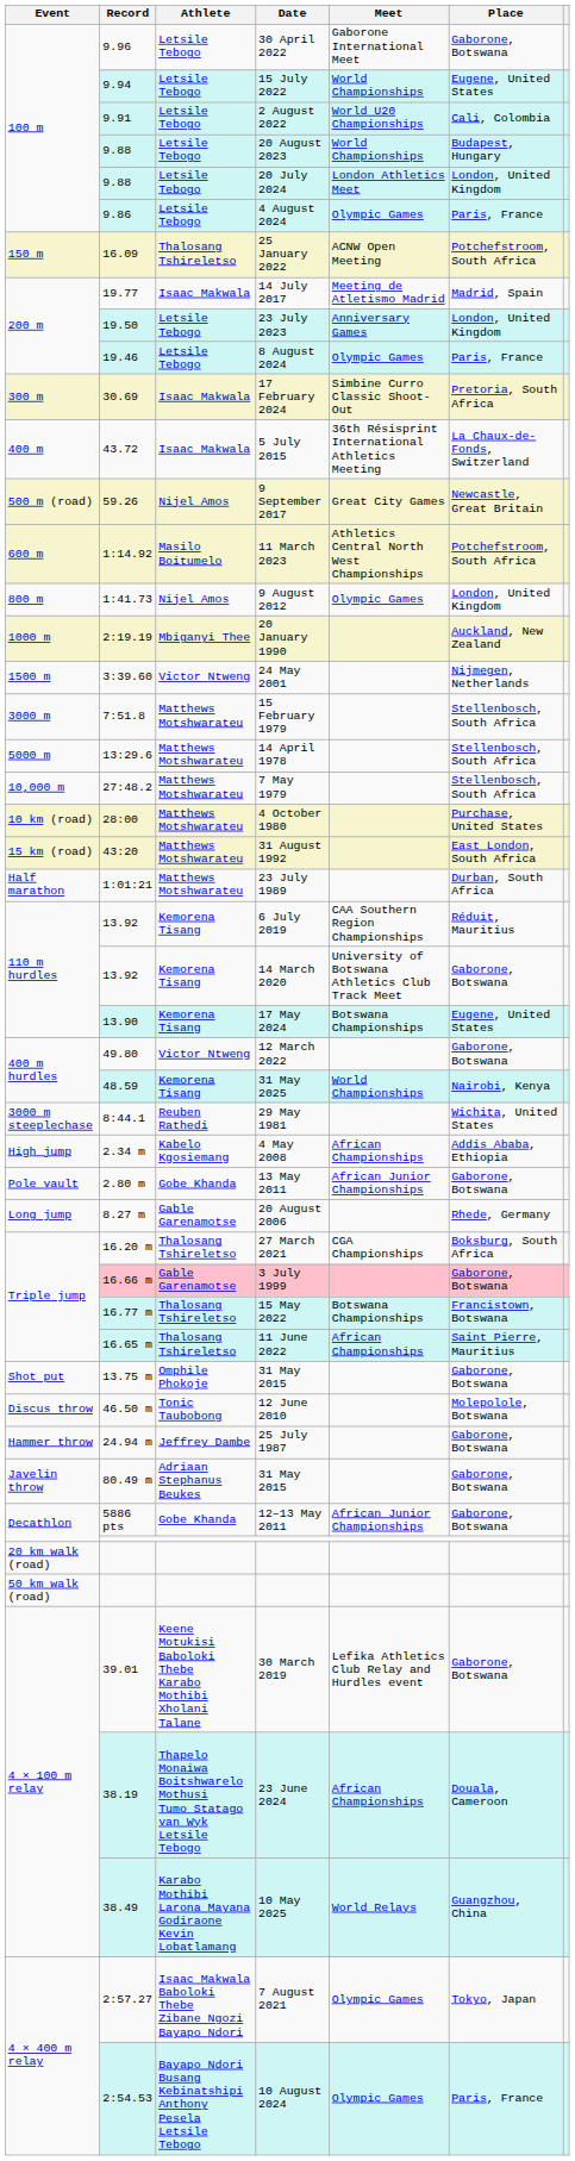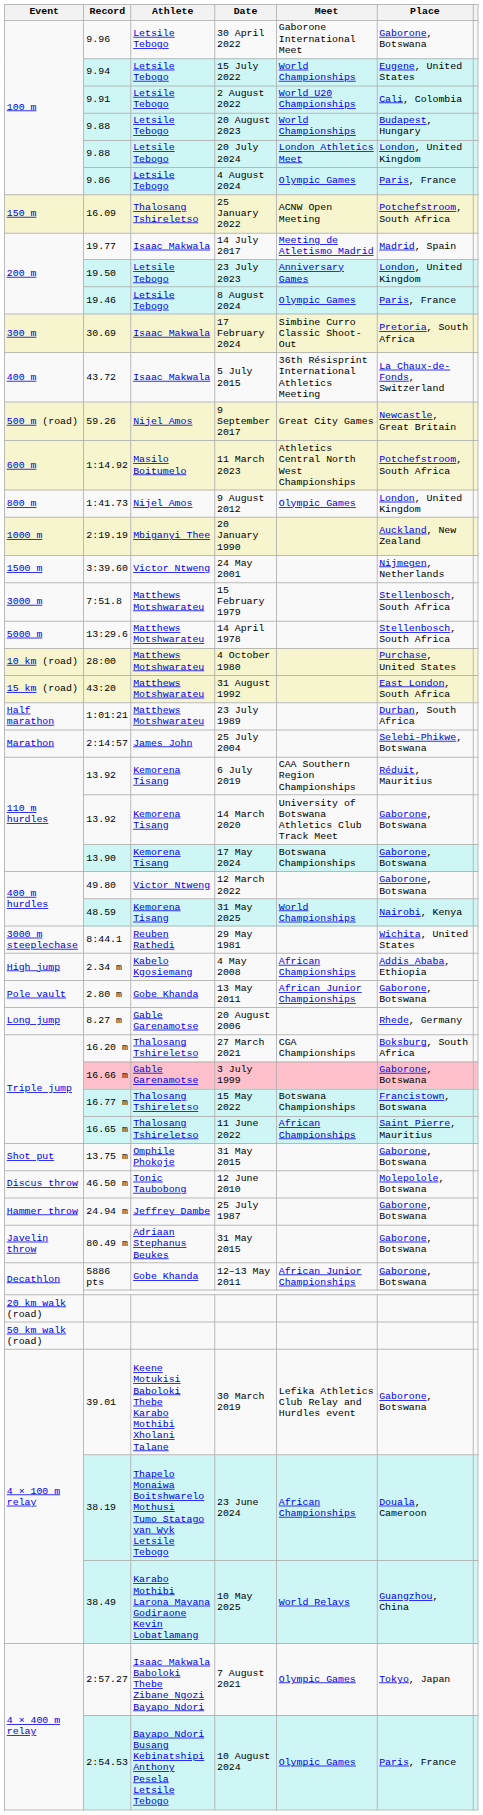 <table class="wikitable" style="font-size:95%; width: 95%;">
 <tr>
 <th>Event</th>
 <th>Record</th>
 <th>Athlete</th>
 <th>Date</th>
 <th>Meet</th>
 <th>Place</th>
 <th></th>
 </tr>
 <tr>
 <td rowspan="6"><a href='#'>100 m</a></td>
 <td>9.96  </td>
 <td><a href='#'>Letsile Tebogo</a></td>
 <td>30 April 2022</td>
 <td>Gaborone International Meet</td>
 <td><a href='#'>Gaborone</a>, Botswana</td>
 <td></td>
 </tr>
 <tr style="background:#CEF6F5">
 <td>9.94 </td>
 <td><a href='#'>Letsile Tebogo</a></td>
 <td>15 July 2022</td>
 <td><a href='#'>World Championships</a></td>
 <td><a href='#'>Eugene</a>, United States</td>
 <td></td>
 </tr>
 <tr style="background:#cef6f5;">
 <td>9.91 </td>
 <td><a href='#'>Letsile Tebogo</a></td>
 <td>2 August 2022</td>
 <td><a href='#'>World U20 Championships</a></td>
 <td><a href='#'>Cali</a>, Colombia</td>
 <td></td>
 </tr>
 <tr style="background:#cef6f5;">
 <td>9.88 </td>
 <td><a href='#'>Letsile Tebogo</a></td>
 <td>20 August 2023</td>
 <td><a href='#'>World Championships</a></td>
 <td><a href='#'>Budapest</a>, Hungary</td>
 <td></td>
 </tr>
 <tr bgcolor=#CEF6F5>
 <td>9.88 </td>
 <td><a href='#'>Letsile Tebogo</a></td>
 <td>20 July 2024</td>
 <td><a href='#'>London Athletics Meet</a></td>
 <td><a href='#'>London</a>, United Kingdom</td>
 <td></td>
 </tr>
 <tr bgcolor=#CEF6F5>
 <td>9.86 </td>
 <td><a href='#'>Letsile Tebogo</a></td>
 <td>4 August 2024</td>
 <td><a href='#'>Olympic Games</a></td>
 <td><a href='#'>Paris</a>, France</td>
 <td></td>
 </tr>
 <tr style="background:#f6F5CE;">
 <td><a href='#'>150 m</a></td>
 <td>16.09 </td>
 <td><a href='#'>Thalosang Tshireletso</a></td>
 <td>25 January 2022</td>
 <td>ACNW Open Meeting</td>
 <td><a href='#'>Potchefstroom</a>, South Africa</td>
 <td></td>
 </tr>
 <tr>
 <td rowspan="3"><a href='#'>200 m</a></td>
 <td>19.77 </td>
 <td><a href='#'>Isaac Makwala</a></td>
 <td>14 July 2017</td>
 <td><a href='#'>Meeting de Atletismo Madrid</a></td>
 <td><a href='#'>Madrid</a>, Spain</td>
 <td></td>
 </tr>
 <tr bgcolor="#CEF6F5">
 <td>19.50 </td>
 <td><a href='#'>Letsile Tebogo</a></td>
 <td>23 July 2023</td>
 <td><a href='#'>Anniversary Games</a></td>
 <td><a href='#'>London</a>, United Kingdom</td>
 <td></td>
 </tr>
 <tr bgcolor="#CEF6F5">
 <td>19.46 </td>
 <td><a href='#'>Letsile Tebogo</a></td>
 <td>8 August 2024</td>
 <td><a href='#'>Olympic Games</a></td>
 <td><a href='#'>Paris</a>, France</td>
 <td></td>
 </tr>
 <tr style="background:#f6F5CE;">
 <td><a href='#'>300 m</a></td>
 <td>30.69 </td>
 <td><a href='#'>Isaac Makwala</a></td>
 <td>17 February 2024</td>
 <td>Simbine Curro Classic Shoot-Out</td>
 <td><a href='#'>Pretoria</a>, South Africa</td>
 <td></td>
 </tr>
 <tr>
 <td><a href='#'>400 m</a></td>
 <td>43.72</td>
 <td><a href='#'>Isaac Makwala</a></td>
 <td>5 July 2015</td>
 <td>36th Résisprint International Athletics Meeting</td>
 <td><a href='#'>La Chaux-de-Fonds</a>, Switzerland</td>
 <td></td>
 </tr>
 <tr style="background:#f6F5CE;">
 <td><a href='#'>500 m</a> (road)</td>
 <td>59.26</td>
 <td><a href='#'>Nijel Amos</a></td>
 <td>9 September 2017</td>
 <td>Great City Games</td>
 <td><a href='#'>Newcastle</a>, Great Britain</td>
 <td></td>
 </tr>
 <tr style="background:#f6F5CE;">
 <td><a href='#'>600 m</a></td>
 <td>1:14.92</td>
 <td><a href='#'>Masilo Boitumelo</a></td>
 <td>11 March 2023</td>
 <td>Athletics Central North West Championships</td>
 <td><a href='#'>Potchefstroom</a>, South Africa</td>
 <td></td>
 </tr>
 <tr>
 <td><a href='#'>800 m</a></td>
 <td>1:41.73</td>
 <td><a href='#'>Nijel Amos</a></td>
 <td>9 August 2012</td>
 <td><a href='#'>Olympic Games</a></td>
 <td><a href='#'>London</a>, United Kingdom</td>
 <td></td>
 </tr>
 <tr style="background:#f6F5CE;">
 <td><a href='#'>1000 m</a></td>
 <td>2:19.19</td>
 <td><a href='#'>Mbiganyi Thee</a></td>
 <td>20 January 1990</td>
 <td></td>
 <td><a href='#'>Auckland</a>, New Zealand</td>
 <td></td>
 </tr>
 <tr>
 <td><a href='#'>1500 m</a></td>
 <td>3:39.60</td>
 <td><a href='#'>Victor Ntweng</a></td>
 <td>24 May 2001</td>
 <td></td>
 <td><a href='#'>Nijmegen</a>, Netherlands</td>
 <td></td>
 </tr>
 <tr>
 <td><a href='#'>3000 m</a></td>
 <td>7:51.8 </td>
 <td><a href='#'>Matthews Motshwarateu</a></td>
 <td>15 February 1979</td>
 <td></td>
 <td><a href='#'>Stellenbosch</a>, South Africa</td>
 <td></td>
 </tr>
 <tr>
 <td><a href='#'>5000 m</a></td>
 <td>13:29.6 </td>
 <td><a href='#'>Matthews Motshwarateu</a></td>
 <td>14 April 1978</td>
 <td></td>
 <td><a href='#'>Stellenbosch</a>, South Africa</td>
 <td></td>
 </tr>
-<tr>
-<td><a href='#'>10,000 m</a></td>
-<td>27:48.2 </td>
-<td><a href='#'>Matthews Motshwarateu</a></td>
-<td>7 May 1979</td>
-<td></td>
-<td><a href='#'>Stellenbosch</a>, South Africa</td>
-<td></td>
-</tr>
 <tr style="background:#f6F5CE;">
 <td><a href='#'>10 km</a> (road)</td>
 <td>28:00</td>
 <td><a href='#'>Matthews Motshwarateu</a></td>
 <td>4 October 1980</td>
 <td></td>
 <td><a href='#'>Purchase</a>, United States</td>
 <td></td>
 </tr>
 <tr style="background:#f6F5CE;">
 <td><a href='#'>15 km</a> (road)</td>
 <td>43:20</td>
 <td><a href='#'>Matthews Motshwarateu</a></td>
 <td>31 August 1992</td>
 <td></td>
 <td><a href='#'>East London</a>, South Africa</td>
 <td></td>
 </tr>
 <tr>
 <td><a href='#'>Half marathon</a></td>
 <td>1:01:21</td>
 <td><a href='#'>Matthews Motshwarateu</a></td>
 <td>23 July 1989</td>
 <td></td>
 <td><a href='#'>Durban</a>, South Africa</td>
 <td></td>
 </tr>
 <tr>
+<td><a href='#'>Marathon</a></td>
+<td>2:14:57</td>
+<td><a href='#'>James John</a></td>
+<td>25 July 2004</td>
+<td></td>
+<td><a href='#'>Selebi-Phikwe</a>, Botswana</td>
+<td></td>
+</tr>
+<tr>
 <td rowspan=3><a href='#'>110 m hurdles</a></td>
 <td>13.92  </td>
 <td><a href='#'>Kemorena Tisang</a></td>
 <td>6 July 2019</td>
 <td>CAA Southern Region Championships</td>
 <td><a href='#'>Réduit</a>, Mauritius</td>
 <td></td>
 </tr>
 <tr>
 <td>13.92  </td>
 <td><a href='#'>Kemorena Tisang</a></td>
 <td>14 March 2020</td>
 <td>University of Botswana Athletics Club Track Meet</td>
 <td><a href='#'>Gaborone</a>, Botswana</td>
 <td></td>
 </tr>
 <tr bgcolor=#CEF6F5>
 <td>13.90</td>
 <td><a href='#'>Kemorena Tisang</a></td>
 <td>17 May 2024</td>
 <td>Botswana Championships</td>
-<td><a href='#'>Eugene</a>, United States</td>
+<td><a href='#'>Gaborone</a>, Botswana</td>
 <td></td>
 </tr>
 <tr>
 <td rowspan=2><a href='#'>400 m hurdles</a></td>
 <td>49.80 </td>
 <td><a href='#'>Victor Ntweng</a></td>
 <td>12 March 2022</td>
 <td></td>
 <td><a href='#'>Gaborone</a>, Botswana</td>
 <td></td>
 </tr>
 <tr bgcolor=#CEF6F5>
 <td>48.59</td>
 <td><a href='#'>Kemorena Tisang</a></td>
 <td>31 May 2025</td>
 <td><a href='#'>World Championships</a></td>
 <td><a href='#'>Nairobi</a>, Kenya</td>
 <td></td>
 </tr>
 <tr>
 <td><a href='#'>3000 m steeplechase</a></td>
 <td>8:44.1</td>
 <td><a href='#'>Reuben Rathedi</a></td>
 <td>29 May 1981</td>
 <td></td>
 <td><a href='#'>Wichita</a>, United States</td>
 <td></td>
 </tr>
 <tr>
 <td><a href='#'>High jump</a></td>
 <td>2.34 m</td>
 <td><a href='#'>Kabelo Kgosiemang</a></td>
 <td>4 May 2008</td>
 <td><a href='#'>African Championships</a></td>
 <td><a href='#'>Addis Ababa</a>, Ethiopia</td>
 <td></td>
 </tr>
 <tr>
 <td><a href='#'>Pole vault</a></td>
 <td>2.80 m  </td>
 <td><a href='#'>Gobe Khanda</a></td>
 <td>13 May 2011</td>
 <td><a href='#'>African Junior Championships</a></td>
 <td><a href='#'>Gaborone</a>, Botswana</td>
 <td></td>
 </tr>
 <tr>
 <td><a href='#'>Long jump</a></td>
 <td>8.27 m </td>
 <td><a href='#'>Gable Garenamotse</a></td>
 <td>20 August 2006</td>
 <td></td>
 <td><a href='#'>Rhede</a>, Germany</td>
 <td></td>
 </tr>
 <tr>
 <td rowspan=4><a href='#'>Triple jump</a></td>
 <td>16.20 m </td>
 <td><a href='#'>Thalosang Tshireletso</a></td>
 <td>27 March 2021</td>
 <td>CGA Championships</td>
 <td><a href='#'>Boksburg</a>, South Africa</td>
 <td></td>
 </tr>
 <tr style="background:pink">
 <td>16.66 m  </td>
 <td><a href='#'>Gable Garenamotse</a></td>
 <td>3 July 1999</td>
 <td></td>
 <td><a href='#'>Gaborone</a>, Botswana</td>
 <td></td>
 </tr>
 <tr bgcolor=#CEF6F5>
 <td>16.77 m </td>
 <td><a href='#'>Thalosang Tshireletso</a></td>
 <td>15 May 2022</td>
 <td>Botswana Championships</td>
 <td><a href='#'>Francistown</a>, Botswana</td>
 <td></td>
 </tr>
 <tr bgcolor=#CEF6F5>
 <td>16.65 m </td>
 <td><a href='#'>Thalosang Tshireletso</a></td>
 <td>11 June 2022</td>
 <td><a href='#'>African Championships</a></td>
 <td><a href='#'>Saint Pierre</a>, Mauritius</td>
 <td></td>
 </tr>
 <tr>
 <td><a href='#'>Shot put</a></td>
 <td>13.75 m </td>
 <td><a href='#'>Omphile Phokoje</a></td>
 <td>31 May 2015</td>
 <td></td>
 <td><a href='#'>Gaborone</a>, Botswana</td>
 <td></td>
 </tr>
 <tr>
 <td><a href='#'>Discus throw</a></td>
 <td>46.50 m</td>
 <td><a href='#'>Tonic Taubobong</a></td>
 <td>12 June 2010</td>
 <td></td>
 <td><a href='#'>Molepolole</a>, Botswana</td>
 <td></td>
 </tr>
 <tr>
 <td><a href='#'>Hammer throw</a></td>
 <td>24.94 m </td>
 <td><a href='#'>Jeffrey Dambe</a></td>
 <td>25 July 1987</td>
 <td></td>
 <td><a href='#'>Gaborone</a>, Botswana</td>
 <td></td>
 </tr>
 <tr>
 <td><a href='#'>Javelin throw</a></td>
 <td>80.49 m </td>
 <td><a href='#'>Adriaan Stephanus Beukes</a></td>
 <td>31 May 2015</td>
 <td></td>
 <td><a href='#'>Gaborone</a>, Botswana</td>
 <td></td>
 </tr>
 <tr>
 <td rowspan=2><a href='#'>Decathlon</a></td>
 <td>5886 pts </td>
 <td><a href='#'>Gobe Khanda</a></td>
 <td>12–13 May 2011</td>
 <td><a href='#'>African Junior Championships</a></td>
 <td><a href='#'>Gaborone</a>, Botswana</td>
 <td></td>
 </tr>
 <tr>
 <td colspan=5></td>
 <td></td>
 </tr>
 <tr>
 <td><a href='#'>20 km walk</a> (road)</td>
 <td></td>
 <td></td>
 <td></td>
 <td></td>
 <td></td>
 <td></td>
 </tr>
 <tr>
 <td><a href='#'>50 km walk</a> (road)</td>
 <td></td>
 <td></td>
 <td></td>
 <td></td>
 <td></td>
 <td></td>
 </tr>
 <tr>
 <td rowspan=3><a href='#'>4 × 100 m relay</a></td>
 <td>39.01 </td>
 <td><br><a href='#'>Keene Motukisi</a><br><a href='#'>Baboloki Thebe</a><br><a href='#'>Karabo Mothibi</a><br><a href='#'>Xholani Talane</a></td>
 <td>30 March 2019</td>
 <td>Lefika Athletics Club Relay and Hurdles event</td>
 <td><a href='#'>Gaborone</a>, Botswana</td>
 <td></td>
 </tr>
 <tr bgcolor=#CEF6F5>
 <td>38.19</td>
 <td><br><a href='#'>Thapelo Monaiwa</a><br><a href='#'>Boitshwarelo Mothusi</a><br><a href='#'>Tumo Statago van Wyk</a><br><a href='#'>Letsile Tebogo</a></td>
 <td>23 June 2024</td>
 <td><a href='#'>African Championships</a></td>
 <td><a href='#'>Douala</a>, Cameroon</td>
 <td></td>
 </tr>
 <tr style="background:#CEF6F5;">
 <td>38.49</td>
 <td><br><a href='#'>Karabo Mothibi</a><br><a href='#'>Larona Mayana</a><br><a href='#'>Godiraone Kevin Lobatlamang</a><br></td>
 <td>10 May 2025</td>
 <td><a href='#'>World Relays</a></td>
 <td><a href='#'>Guangzhou</a>, China</td>
 <td></td>
 </tr>
 <tr>
 <td rowspan=2><a href='#'>4 × 400 m relay</a></td>
 <td>2:57.27</td>
 <td><br><a href='#'>Isaac Makwala</a><br><a href='#'>Baboloki Thebe</a><br><a href='#'>Zibane Ngozi</a><br><a href='#'>Bayapo Ndori</a></td>
 <td>7 August 2021</td>
 <td><a href='#'>Olympic Games</a></td>
 <td><a href='#'>Tokyo</a>, Japan</td>
 <td></td>
 </tr>
 <tr bgcolor="#CEF6F5">
 <td>2:54.53</td>
 <td><br><a href='#'>Bayapo Ndori</a><br><a href='#'>Busang Kebinatshipi</a><br><a href='#'>Anthony Pesela</a><br><a href='#'>Letsile Tebogo</a></td>
 <td>10 August 2024</td>
 <td><a href='#'>Olympic Games</a></td>
 <td><a href='#'>Paris</a>, France</td>
 <td></td>
 </tr>
 </table>
